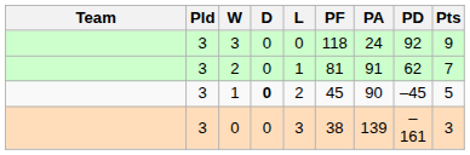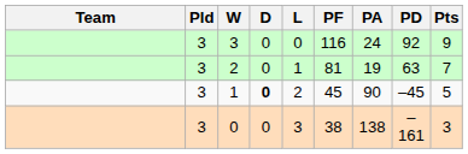 <table class="wikitable" style="text-align:center;">
 <tr>
 <th width=175>Team</th>
 <th width=25 abbr="Played">Pld</th>
 <th width=25 abbr="Won">W</th>
 <th width=25 abbr="Drawn">D</th>
 <th width=25 abbr="Lost">L</th>
 <th width=32 abbr="Points for">PF</th>
 <th width=32 abbr="Points against">PA</th>
 <th width=32 abbr="Points difference">PD</th>
 <th width=25 abbr="Points">Pts</th>
 </tr>
 <tr bgcolor="#ccffcc">
 <td align=left></td>
 <td>3</td>
 <td>3</td>
 <td>0</td>
 <td>0</td>
-<td>118</td>
+<td>116</td>
 <td>24</td>
 <td>92</td>
 <td>9</td>
 </tr>
 <tr bgcolor="#ccffcc">
 <td align=left></td>
 <td>3</td>
 <td>2</td>
 <td>0</td>
 <td>1</td>
 <td>81</td>
-<td>91</td>
-<td>62</td>
+<td>19</td>
+<td>63</td>
 <td>7</td>
 </tr>
 <tr>
 <td align=left></td>
 <td>3</td>
 <td>1</td>
 <td><strong>0</strong></td>
 <td>2</td>
 <td>45</td>
 <td>90</td>
 <td>–45</td>
 <td>5</td>
 </tr>
 <tr bgcolor="#ffddbb">
 <td align=left></td>
 <td>3</td>
 <td>0</td>
 <td>0</td>
 <td>3</td>
 <td>38</td>
-<td>139</td>
+<td>138</td>
 <td>–161</td>
 <td>3</td>
 </tr>
 </table>
